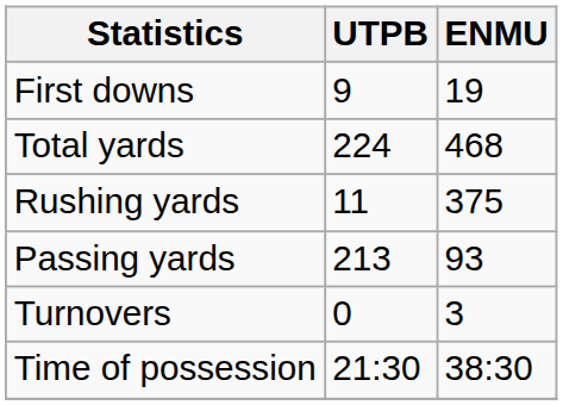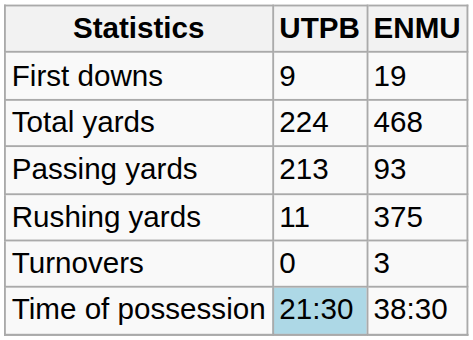 <table class="wikitable" style="float: left;">
 <tr>
 <th>Statistics</th>
 <th>UTPB</th>
 <th>ENMU</th>
 </tr>
 <tr>
 <td>First downs</td>
 <td>9</td>
 <td>19</td>
 </tr>
 <tr>
 <td>Total yards</td>
 <td>224</td>
 <td>468</td>
 </tr>
 <tr>
+<td>Passing yards</td>
+<td>213</td>
+<td>93</td>
+</tr>
+<tr>
 <td>Rushing yards</td>
 <td>11</td>
 <td>375</td>
-</tr>
-<tr>
-<td>Passing yards</td>
-<td>213</td>
-<td>93</td>
 </tr>
 <tr>
 <td>Turnovers</td>
 <td>0</td>
 <td>3</td>
 </tr>
 <tr>
 <td>Time of possession</td>
-<td>21:30</td>
+<td style="background: lightblue;">21:30</td>
 <td>38:30</td>
 </tr>
 <tr>
 </tr>
 </table>
